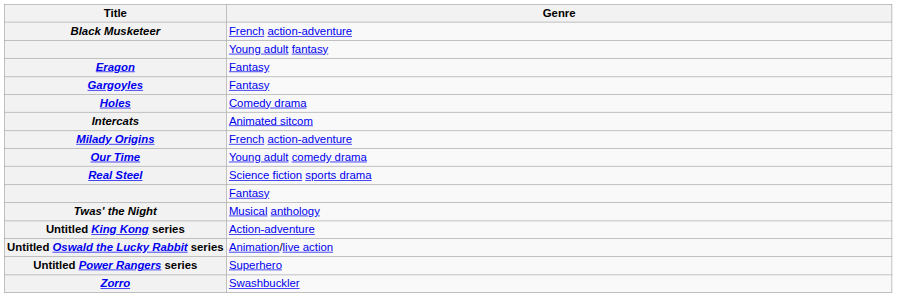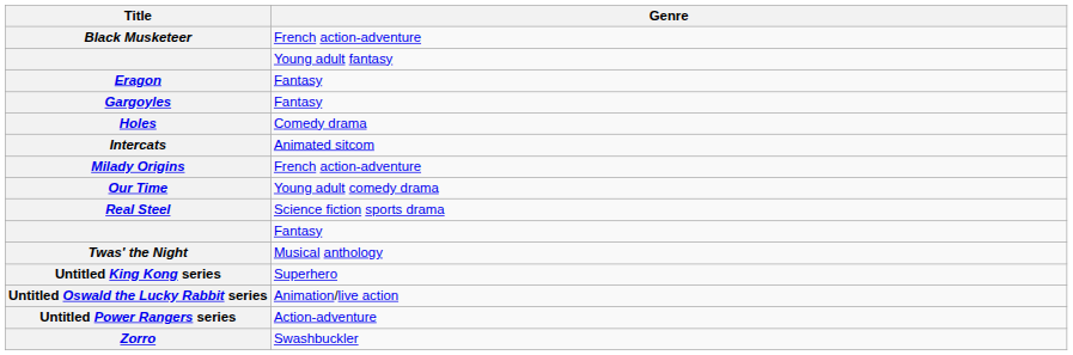 <table class="wikitable sortable plainrowheaders" style="width:99%;">
 <tr>
 <th scope="col" style="width:25%;">Title</th>
 <th scope="col">Genre</th>
 </tr>
 <tr>
 <th scope="row"><em>Black Musketeer</em></th>
 <td><a href='#'>French</a> <a href='#'>action-adventure</a></td>
 </tr>
 <tr>
 <th scope="row"><em></em></th>
 <td><a href='#'>Young adult</a> <a href='#'>fantasy</a></td>
 </tr>
 <tr>
 <th scope="row"><em><a href='#'>Eragon</a></em></th>
 <td><a href='#'>Fantasy</a></td>
 </tr>
 <tr>
 <th scope="row"><em><a href='#'>Gargoyles</a></em></th>
 <td><a href='#'>Fantasy</a></td>
 </tr>
 <tr>
 <th scope="row"><em><a href='#'>Holes</a></em></th>
 <td><a href='#'>Comedy drama</a></td>
 </tr>
 <tr>
 <th scope="row"><em>Intercats</em></th>
 <td><a href='#'>Animated sitcom</a></td>
 </tr>
 <tr>
 <th scope="row"><em><a href='#'>Milady Origins</a></em></th>
 <td><a href='#'>French</a> <a href='#'>action-adventure</a></td>
 </tr>
 <tr>
 <th scope="row"><em><a href='#'>Our Time</a></em></th>
 <td><a href='#'>Young adult</a> <a href='#'>comedy drama</a></td>
 </tr>
 <tr>
 <th scope="row"><em><a href='#'>Real Steel</a></em></th>
 <td><a href='#'>Science fiction</a> <a href='#'>sports drama</a></td>
 </tr>
 <tr>
 <th scope="row"><em></em></th>
 <td><a href='#'>Fantasy</a></td>
 </tr>
 <tr>
 <th scope="row"><em>Twas' the Night</em></th>
 <td><a href='#'>Musical</a> <a href='#'>anthology</a></td>
 </tr>
 <tr>
 <th scope="row">Untitled <em><a href='#'>King Kong</a></em> series</th>
-<td><a href='#'>Action-adventure</a></td>
+<td><a href='#'>Superhero</a></td>
 </tr>
 <tr>
 <th scope="row">Untitled <em><a href='#'>Oswald the Lucky Rabbit</a></em> series</th>
 <td><a href='#'>Animation</a>/<a href='#'>live action</a></td>
 </tr>
 <tr>
 <th scope="row">Untitled <em><a href='#'>Power Rangers</a></em> series</th>
-<td><a href='#'>Superhero</a></td>
+<td><a href='#'>Action-adventure</a></td>
 </tr>
 <tr>
 <th scope="row"><em><a href='#'>Zorro</a></em></th>
 <td><a href='#'>Swashbuckler</a></td>
 </tr>
 </table>
